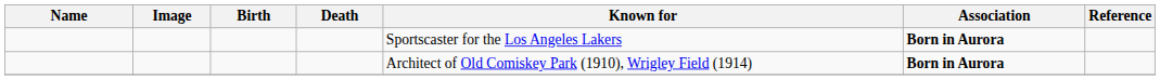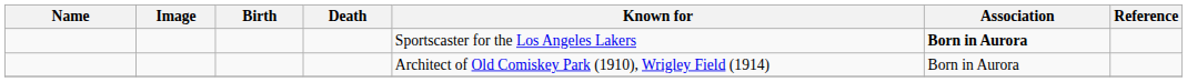 <table class="wikitable sortable">
 <tr>
 <th scope="col" width="140">Name</th>
 <th scope="col" width="80" class="unsortable">Image</th>
 <th scope="col" width="90">Birth</th>
 <th scope="col" width="90">Death</th>
 <th scope="col" width="600" class="unsortable">Known for</th>
 <th scope="col" width="200" class="unsortable">Association</th>
 <th scope="col" width="30" class="unsortable">Reference</th>
 </tr>
 <tr>
 <td></td>
 <td></td>
 <td align=right></td>
 <td align=right></td>
 <td>Sportscaster for the <a href='#'>Los Angeles Lakers</a></td>
 <td><strong>Born in Aurora</strong></td>
 <td align="center"></td>
 </tr>
 <tr>
 <td></td>
 <td></td>
 <td align=right></td>
 <td align=right></td>
 <td>Architect of <a href='#'>Old Comiskey Park</a> (1910), <a href='#'>Wrigley Field</a> (1914)</td>
-<td><strong>Born in Aurora</strong></td>
+<td>Born in Aurora</td>
 <td align="center"></td>
 </tr>
 <tr>
 </tr>
 </table>
